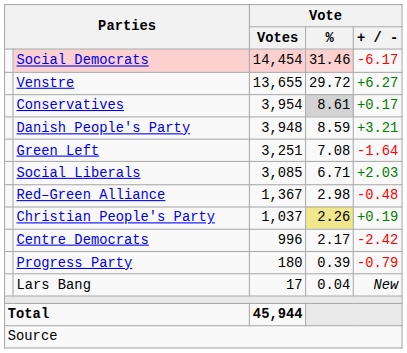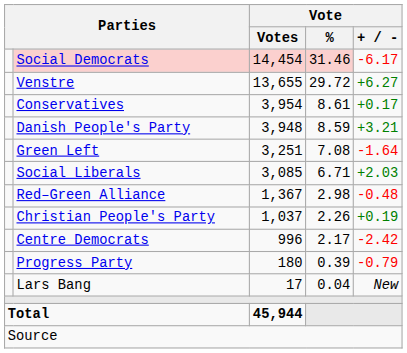 <table class="wikitable" style="text-align:right;">
 <tr>
 <th style="text-align:centre;" rowspan="2" colspan="2" width="225">Parties</th>
 <th colspan="3">Vote</th>
 </tr>
 <tr>
 <th width="15">Votes</th>
 <th width="15">%</th>
 <th width="15">+ / -</th>
 </tr>
 <tr>
 <td width="2" style="color:inherit;background:"></td>
 <td bgcolor=#fbd0ce  align="left"><a href='#'>Social Democrats</a></td>
 <td bgcolor=#fbd0ce>14,454</td>
 <td bgcolor=#fbd0ce>31.46</td>
 <td style=color:red;>-6.17</td>
 </tr>
 <tr>
 <td width="2" style="color:inherit;background:"></td>
 <td align="left"><a href='#'>Venstre</a></td>
 <td>13,655</td>
 <td>29.72</td>
 <td style=color:green;>+6.27</td>
 </tr>
 <tr>
 <td width="2" style="color:inherit;background:"></td>
 <td align="left"><a href='#'>Conservatives</a></td>
 <td>3,954</td>
-<td style="background: lightgrey;">8.61</td>
+<td>8.61</td>
 <td style=color:green;>+0.17</td>
 </tr>
 <tr>
 <td width="2" style="color:inherit;background:"></td>
 <td align="left"><a href='#'>Danish People's Party</a></td>
 <td>3,948</td>
 <td>8.59</td>
 <td style=color:green;>+3.21</td>
 </tr>
 <tr>
 <td width="2" style="color:inherit;background:"></td>
 <td align="left"><a href='#'>Green Left</a></td>
 <td>3,251</td>
 <td>7.08</td>
 <td style=color:red;>-1.64</td>
 </tr>
 <tr>
 <td width="2" style="color:inherit;background:"></td>
 <td align="left"><a href='#'>Social Liberals</a></td>
 <td>3,085</td>
 <td>6.71</td>
 <td style=color:green;>+2.03</td>
 </tr>
 <tr>
 <td width="2" style="color:inherit;background:"></td>
 <td align="left"><a href='#'>Red–Green Alliance</a></td>
 <td>1,367</td>
 <td>2.98</td>
 <td style=color:red;>-0.48</td>
 </tr>
 <tr>
 <td width="2" style="color:inherit;background:"></td>
 <td align="left"><a href='#'>Christian People's Party</a></td>
 <td>1,037</td>
-<td style="background: khaki;">2.26</td>
+<td>2.26</td>
 <td style=color:green;>+0.19</td>
 </tr>
 <tr>
 <td width="2" style="color:inherit;background:"></td>
 <td align="left"><a href='#'>Centre Democrats</a></td>
 <td>996</td>
 <td>2.17</td>
 <td style=color:red;>-2.42</td>
 </tr>
 <tr>
 <td width="2" style="color:inherit;background:"></td>
 <td align="left"><a href='#'>Progress Party</a></td>
 <td>180</td>
 <td>0.39</td>
 <td style=color:red;>-0.79</td>
 </tr>
 <tr>
 <td width="2" style="color:inherit;background:"></td>
 <td align="left">Lars Bang</td>
 <td>17</td>
 <td>0.04</td>
 <td><em>New</em></td>
 </tr>
 <tr>
 <td colspan="7" bgcolor="#E9E9E9"></td>
 </tr>
 <tr>
 <td align="left" colspan="2"><strong>Total</strong></td>
 <td><strong>45,944</strong></td>
 <td bgcolor="#E9E9E9" colspan="2"></td>
 </tr>
 <tr>
 <td align="left" colspan="6">Source</td>
 </tr>
 </table>
